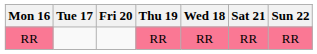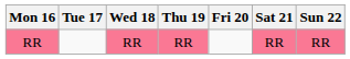 <table class="wikitable" style="margin:0.5em auto; font-size:90%; line-height:1.25em; text-align:center">
 <tr>
 <th>Mon 16</th>
 <th>Tue 17</th>
+<th>Wed 18</th>
+<th>Thu 19</th>
 <th>Fri 20</th>
-<th>Thu 19</th>
-<th>Wed 18</th>
 <th>Sat 21</th>
 <th>Sun 22</th>
 </tr>
 <tr>
 <td bgcolor="#FA7894">RR</td>
 <td></td>
-<td></td>
 <td bgcolor="#FA7894">RR</td>
 <td bgcolor="#FA7894">RR</td>
+<td></td>
 <td bgcolor="#FA7894">RR</td>
 <td bgcolor="#FA7894">RR</td>
 </tr>
 </table>
